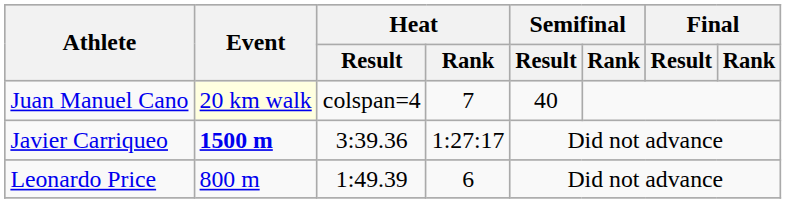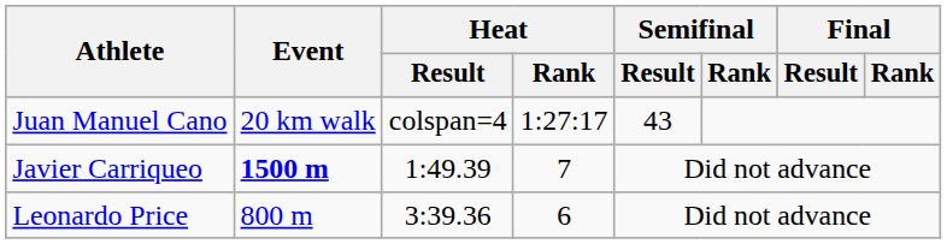 <table class=wikitable style="font-size:90%">
 <tr>
 <th rowspan="2">Athlete</th>
 <th rowspan="2">Event</th>
 <th colspan="2">Heat</th>
 <th colspan="2">Semifinal</th>
 <th colspan="2">Final</th>
 </tr>
 <tr style="font-size:95%">
 <th>Result</th>
 <th>Rank</th>
 <th>Result</th>
 <th>Rank</th>
 <th>Result</th>
 <th>Rank</th>
 </tr>
 <tr align=center>
 <td align=left><a href='#'>Juan Manuel Cano</a></td>
-<td align=left style="background: lightyellow;"><a href='#'>20 km walk</a></td>
+<td align=left><a href='#'>20 km walk</a></td>
 <td>colspan=4 </td>
-<td>7</td>
-<td>40</td>
+<td>1:27:17</td>
+<td>43</td>
 </tr>
 <tr align=center>
 <td align=left><a href='#'>Javier Carriqueo</a></td>
 <td align=left><strong><a href='#'>1500 m</a></strong></td>
-<td>3:39.36</td>
-<td>1:27:17</td>
+<td>1:49.39</td>
+<td>7</td>
 <td colspan=4>Did not advance</td>
 </tr>
 <tr align=center>
 <td align=left><a href='#'>Leonardo Price</a></td>
 <td align=left><a href='#'>800 m</a></td>
-<td>1:49.39</td>
+<td>3:39.36</td>
 <td>6</td>
 <td colspan=4>Did not advance</td>
 </tr>
 </table>
